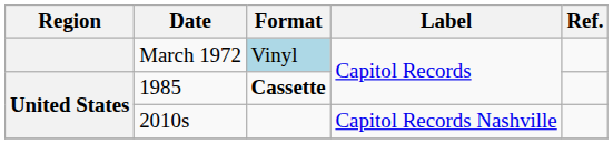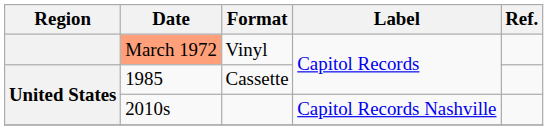 <table class="wikitable plainrowheaders">
 <tr>
 <th scope="col">Region</th>
 <th scope="col">Date</th>
 <th scope="col">Format</th>
 <th scope="col">Label</th>
 <th scope="col">Ref.</th>
 </tr>
 <tr>
 <th scope="row"></th>
-<td>March 1972</td>
-<td style="background: lightblue;">Vinyl</td>
+<td style="background: lightsalmon;">March 1972</td>
+<td>Vinyl</td>
 <td rowspan="2"><a href='#'>Capitol Records</a></td>
 <td></td>
 </tr>
 <tr>
 <th scope="row" rowspan="2">United States</th>
 <td>1985</td>
-<td><strong>Cassette</strong></td>
+<td>Cassette</td>
 <td></td>
 </tr>
 <tr>
 <td>2010s</td>
 <td></td>
 <td><a href='#'>Capitol Records Nashville</a></td>
 <td></td>
 </tr>
 <tr>
 </tr>
 </table>
